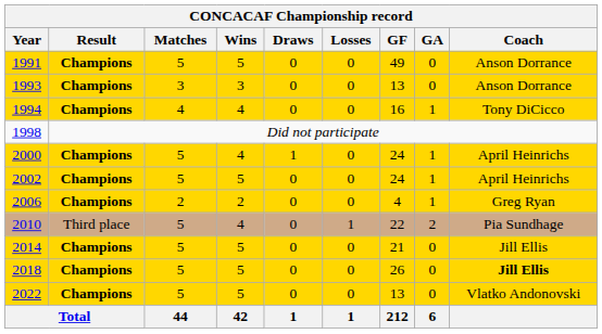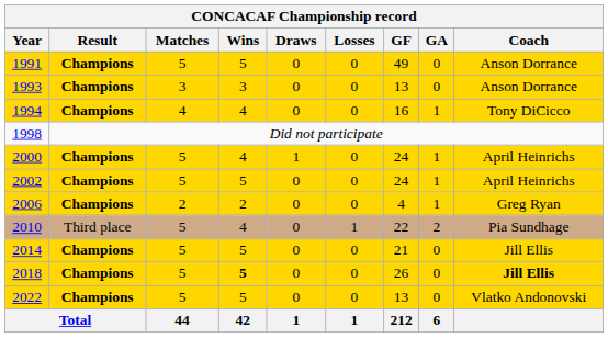 <table class="wikitable"  style="text-align:center; width:650px;">
 <tr>
 <th colspan=9><strong>CONCACAF Championship record</strong></th>
 </tr>
 <tr>
 <th>Year</th>
 <th>Result</th>
 <th>Matches</th>
 <th>Wins</th>
 <th>Draws</th>
 <th>Losses</th>
 <th>GF</th>
 <th>GA</th>
 <th>Coach</th>
 </tr>
 <tr style="background:gold;">
 <td> <a href='#'>1991</a></td>
 <td><strong>Champions</strong></td>
 <td>5</td>
 <td>5</td>
 <td>0</td>
 <td>0</td>
 <td>49</td>
 <td>0</td>
 <td>Anson Dorrance</td>
 </tr>
 <tr style="background:gold;">
 <td> <a href='#'>1993</a></td>
 <td><strong>Champions</strong></td>
 <td>3</td>
 <td>3</td>
 <td>0</td>
 <td>0</td>
 <td>13</td>
 <td>0</td>
 <td>Anson Dorrance</td>
 </tr>
 <tr style="background:gold;">
 <td> <a href='#'>1994</a></td>
 <td><strong>Champions</strong></td>
 <td>4</td>
 <td>4</td>
 <td>0</td>
 <td>0</td>
 <td>16</td>
 <td>1</td>
 <td>Tony DiCicco</td>
 </tr>
 <tr>
 <td> <a href='#'>1998</a></td>
 <td colspan=8><em>Did not participate</em></td>
 </tr>
 <tr style="background:gold;">
 <td> <a href='#'>2000</a></td>
 <td><strong>Champions</strong></td>
 <td>5</td>
 <td>4</td>
 <td>1</td>
 <td>0</td>
 <td>24</td>
 <td>1</td>
 <td>April Heinrichs</td>
 </tr>
 <tr style="background:gold;">
 <td>  <a href='#'>2002</a></td>
 <td><strong>Champions</strong></td>
 <td>5</td>
 <td>5</td>
 <td>0</td>
 <td>0</td>
 <td>24</td>
 <td>1</td>
 <td>April Heinrichs</td>
 </tr>
 <tr style="background:gold;">
 <td> <a href='#'>2006</a></td>
 <td><strong>Champions</strong></td>
 <td>2</td>
 <td>2</td>
 <td>0</td>
 <td>0</td>
 <td>4</td>
 <td>1</td>
 <td>Greg Ryan</td>
 </tr>
 <tr style="background:#cfaa88;">
 <td> <a href='#'>2010</a></td>
 <td>Third place</td>
 <td>5</td>
 <td>4</td>
 <td>0</td>
 <td>1</td>
 <td>22</td>
 <td>2</td>
 <td>Pia Sundhage</td>
 </tr>
 <tr style="background:gold;">
 <td> <a href='#'>2014</a></td>
 <td><strong>Champions</strong></td>
 <td>5</td>
 <td>5</td>
 <td>0</td>
 <td>0</td>
 <td>21</td>
 <td>0</td>
 <td>Jill Ellis</td>
 </tr>
 <tr style="background:gold;">
 <td> <a href='#'>2018</a></td>
 <td><strong>Champions</strong></td>
 <td>5</td>
-<td>5</td>
+<td><strong>5</strong></td>
 <td>0</td>
 <td>0</td>
 <td>26</td>
 <td>0</td>
 <td><strong>Jill Ellis</strong></td>
 </tr>
 <tr style="background:gold;">
 <td> <a href='#'>2022</a></td>
 <td><strong>Champions</strong></td>
 <td>5</td>
 <td>5</td>
 <td>0</td>
 <td>0</td>
 <td>13</td>
 <td>0</td>
 <td>Vlatko Andonovski</td>
 </tr>
 <tr>
 <th colspan=2><a href='#'>Total</a></th>
 <th>44</th>
 <th>42</th>
 <th>1</th>
 <th>1</th>
 <th>212</th>
 <th>6</th>
 <th></th>
 </tr>
 </table>
